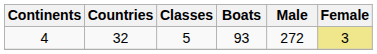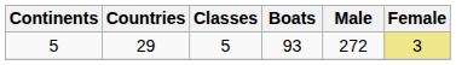 <table class="wikitable">
 <tr>
 <th width=50>Continents</th>
 <th width=50>Countries</th>
 <th width=50>Classes</th>
 <th width=50>Boats</th>
 <th width=50>Male</th>
 <th width=50>Female</th>
 </tr>
 <tr>
-<td align="center">4</td>
-<td align="center">32</td>
+<td align="center">5</td>
+<td align="center">29</td>
 <td align="center">5</td>
 <td align="center">93</td>
 <td align="center">272</td>
 <td align="center" style="background: khaki;">3</td>
 </tr>
 <tr>
 </tr>
 </table>
